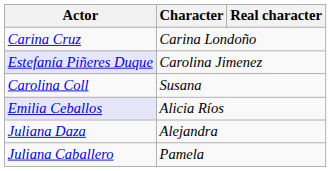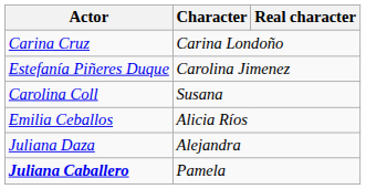 <table class="wikitable sortable">
 <tr>
 <th>Actor</th>
 <th>Character</th>
 <th>Real character</th>
 </tr>
 <tr>
 <td><em><a href='#'>Carina Cruz</a></em></td>
 <td colspan="2"><em>Carina Londoño</em></td>
 </tr>
 <tr>
-<td style="background: lavender;"><em><a href='#'>Estefanía Piñeres Duque</a></em></td>
+<td><em><a href='#'>Estefanía Piñeres Duque</a></em></td>
 <td colspan="2"><em>Carolina Jimenez</em></td>
 </tr>
 <tr>
 <td><em><a href='#'>Carolina Coll</a></em></td>
 <td colspan="2"><em>Susana</em></td>
 </tr>
 <tr>
-<td style="background: lavender;"><em><a href='#'>Emilia Ceballos</a></em></td>
+<td><em><a href='#'>Emilia Ceballos</a></em></td>
 <td colspan="2"><em>Alicia Ríos</em></td>
 </tr>
 <tr>
 <td><em><a href='#'>Juliana Daza</a></em></td>
 <td colspan="2"><em>Alejandra</em></td>
 </tr>
 <tr>
-<td><em><a href='#'>Juliana Caballero</a></em></td>
+<td><strong><em><a href='#'>Juliana Caballero</a></em></strong></td>
 <td colspan="2"><em>Pamela</em></td>
 </tr>
 </table>
